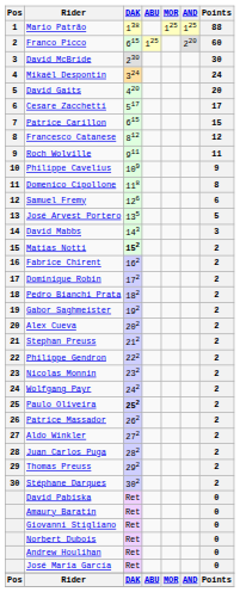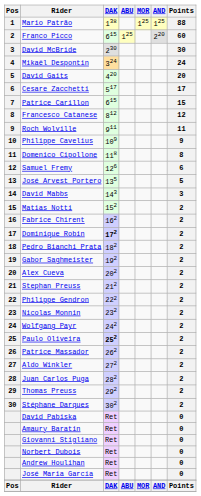 <table class="wikitable" style="font-size: 80%; text-align: center; display: inline-table;">
 <tr valign="top">
 <th valign="middle">Pos</th>
 <th valign="middle">Rider</th>
 <th><a href='#'>DAK</a><br></th>
 <th><a href='#'>ABU</a><br></th>
 <th><a href='#'>MOR</a><br></th>
 <th><a href='#'>AND</a><br></th>
 <th valign="middle">Points</th>
 </tr>
 <tr>
 <th>1</th>
 <td align=left> <a href='#'>Mario Patrão</a></td>
 <td style="background:#ffffbf;">1<sup>38</sup></td>
 <td></td>
 <td style="background:#ffffbf;">1<sup>25</sup></td>
 <td style="background:#ffffbf;">1<sup>25</sup></td>
 <th>88</th>
 </tr>
 <tr>
 <th>2</th>
 <td align=left> <a href='#'>Franco Picco</a></td>
 <td style="background:#dfffdf;">6<sup>15</sup></td>
 <td style="background:#ffffbf;">1<sup>25</sup></td>
 <td></td>
 <td style="background:#dfdfdf;">2<sup>20</sup></td>
 <th>60</th>
 </tr>
 <tr>
 <th>3</th>
 <td align=left> <a href='#'>David McBride</a></td>
 <td style="background:#dfdfdf;">2<sup>30</sup></td>
 <td></td>
 <td></td>
 <td></td>
 <th>30</th>
 </tr>
 <tr>
 <th>4</th>
 <td align=left> <a href='#'>Mikaël Despontin</a></td>
 <td style="background:#ffdf9f;">3<sup>24</sup></td>
 <td></td>
 <td></td>
 <td></td>
 <th>24</th>
 </tr>
 <tr>
 <th>5</th>
 <td align=left> <a href='#'>David Gaits</a></td>
 <td style="background:#dfffdf;">4<sup>20</sup></td>
 <td></td>
 <td></td>
 <td></td>
 <th>20</th>
 </tr>
 <tr>
 <th>6</th>
 <td align=left> <a href='#'>Cesare Zacchetti</a></td>
 <td style="background:#dfffdf;">5<sup>17</sup></td>
 <td></td>
 <td></td>
 <td></td>
 <th>17</th>
 </tr>
 <tr>
 <th>7</th>
 <td align=left> <a href='#'>Patrice Carillon</a></td>
 <td style="background:#dfffdf;">6<sup>15</sup></td>
 <td></td>
 <td></td>
 <td></td>
 <th>15</th>
 </tr>
 <tr>
 <th>8</th>
 <td align=left> <a href='#'>Francesco Catanese</a></td>
 <td style="background:#dfffdf;">8<sup>12</sup></td>
 <td></td>
 <td></td>
 <td></td>
 <th>12</th>
 </tr>
 <tr>
 <th>9</th>
 <td align=left> <a href='#'>Roch Wolville</a></td>
 <td style="background:#dfffdf;">9<sup>11</sup></td>
 <td></td>
 <td></td>
 <td></td>
 <th>11</th>
 </tr>
 <tr>
 <th>10</th>
 <td align=left> <a href='#'>Philippe Cavelius</a></td>
 <td style="background:#dfffdf;">10<sup>9</sup></td>
 <td></td>
 <td></td>
 <td></td>
 <th>9</th>
 </tr>
 <tr>
 <th>11</th>
 <td align=left> <a href='#'>Domenico Cipollone</a></td>
 <td style="background:#dfffdf;">11<sup>8</sup></td>
 <td></td>
 <td></td>
 <td></td>
 <th>8</th>
 </tr>
 <tr>
 <th>12</th>
 <td align=left> <a href='#'>Samuel Fremy</a></td>
 <td style="background:#dfffdf;">12<sup>6</sup></td>
 <td></td>
 <td></td>
 <td></td>
 <th>6</th>
 </tr>
 <tr>
 <th>13</th>
 <td align=left> <a href='#'>José Arvest Portero</a></td>
 <td style="background:#dfffdf;">13<sup>5</sup></td>
 <td></td>
 <td></td>
 <td></td>
 <th>5</th>
 </tr>
 <tr>
 <th>14</th>
 <td align=left> <a href='#'>David Mabbs</a></td>
 <td style="background:#dfffdf;">14<sup>3</sup></td>
 <td></td>
 <td></td>
 <td></td>
 <th>3</th>
 </tr>
 <tr>
 <th>15</th>
 <td align=left> <a href='#'>Matias Notti</a></td>
-<td style="background:#dfffdf;"><strong>15<sup>2</sup></strong></td>
+<td style="background:#dfffdf;">15<sup>2</sup></td>
 <td></td>
 <td></td>
 <td></td>
 <th>2</th>
 </tr>
 <tr>
 <th>16</th>
 <td align=left> <a href='#'>Fabrice Chirent</a></td>
 <td style="background:#cfcfff;">16<sup>2</sup></td>
 <td></td>
 <td></td>
 <td></td>
 <th>2</th>
 </tr>
 <tr>
 <th>17</th>
 <td align=left> <a href='#'>Dominique Robin</a></td>
-<td style="background:#cfcfff;">17<sup>2</sup></td>
+<td style="background:#cfcfff;"><strong>17<sup>2</sup></strong></td>
 <td></td>
 <td></td>
 <td></td>
 <th>2</th>
 </tr>
 <tr>
 <th>18</th>
 <td align=left> <a href='#'>Pedro Bianchi Prata</a></td>
 <td style="background:#cfcfff;">18<sup>2</sup></td>
 <td></td>
 <td></td>
 <td></td>
 <th>2</th>
 </tr>
 <tr>
 <th>19</th>
 <td align=left> <a href='#'>Gabor Saghmeister</a></td>
 <td style="background:#cfcfff;">19<sup>2</sup></td>
 <td></td>
 <td></td>
 <td></td>
 <th>2</th>
 </tr>
 <tr>
 <th>20</th>
 <td align=left> <a href='#'>Alex Cueva</a></td>
 <td style="background:#cfcfff;">20<sup>2</sup></td>
 <td></td>
 <td></td>
 <td></td>
 <th>2</th>
 </tr>
 <tr>
 <th>21</th>
 <td align=left> <a href='#'>Stephan Preuss</a></td>
 <td style="background:#cfcfff;">21<sup>2</sup></td>
 <td></td>
 <td></td>
 <td></td>
 <th>2</th>
 </tr>
 <tr>
 <th>22</th>
 <td align=left> <a href='#'>Philippe Gendron</a></td>
 <td style="background:#cfcfff;">22<sup>2</sup></td>
 <td></td>
 <td></td>
 <td></td>
 <th>2</th>
 </tr>
 <tr>
 <th>23</th>
 <td align=left> <a href='#'>Nicolas Monnin</a></td>
 <td style="background:#cfcfff;">23<sup>2</sup></td>
 <td></td>
 <td></td>
 <td></td>
 <th>2</th>
 </tr>
 <tr>
 <th>24</th>
 <td align=left> <a href='#'>Wolfgang Payr</a></td>
 <td style="background:#cfcfff;">24<sup>2</sup></td>
 <td></td>
 <td></td>
 <td></td>
 <th>2</th>
 </tr>
 <tr>
 <th>25</th>
 <td align=left> <a href='#'>Paulo Oliveira</a></td>
 <td style="background:#cfcfff;"><strong>25<sup>2</sup></strong></td>
 <td></td>
 <td></td>
 <td></td>
 <th>2</th>
 </tr>
 <tr>
 <th>26</th>
 <td align=left> <a href='#'>Patrice Massador</a></td>
 <td style="background:#cfcfff;">26<sup>2</sup></td>
 <td></td>
 <td></td>
 <td></td>
 <th>2</th>
 </tr>
 <tr>
 <th>27</th>
 <td align=left> <a href='#'>Aldo Winkler</a></td>
 <td style="background:#cfcfff;">27<sup>2</sup></td>
 <td></td>
 <td></td>
 <td></td>
 <th>2</th>
 </tr>
 <tr>
 <th>28</th>
 <td align=left> <a href='#'>Juan Carlos Puga</a></td>
 <td style="background:#cfcfff;">28<sup>2</sup></td>
 <td></td>
 <td></td>
 <td></td>
 <th>2</th>
 </tr>
 <tr>
 <th>29</th>
 <td align=left> <a href='#'>Thomas Preuss</a></td>
 <td style="background:#cfcfff;">29<sup>2</sup></td>
 <td></td>
 <td></td>
 <td></td>
 <th>2</th>
 </tr>
 <tr>
 <th>30</th>
 <td align=left> <a href='#'>Stéphane Darques</a></td>
 <td style="background:#cfcfff;">30<sup>2</sup></td>
 <td></td>
 <td></td>
 <td></td>
 <th>2</th>
 </tr>
 <tr>
 <th></th>
 <td align=left> <a href='#'>David Pabiska</a></td>
 <td style="background:#efcfff;">Ret</td>
 <td></td>
 <td></td>
 <td></td>
 <th>0</th>
 </tr>
 <tr>
 <th></th>
 <td align=left> <a href='#'>Amaury Baratin</a></td>
 <td style="background:#efcfff;">Ret</td>
 <td></td>
 <td></td>
 <td></td>
 <th>0</th>
 </tr>
 <tr>
 <th></th>
 <td align=left> <a href='#'>Giovanni Stigliano</a></td>
 <td style="background:#efcfff;">Ret</td>
 <td></td>
 <td></td>
 <td></td>
 <th>0</th>
 </tr>
 <tr>
 <th></th>
 <td align=left> <a href='#'>Norbert Dubois</a></td>
 <td style="background:#efcfff;">Ret</td>
 <td></td>
 <td></td>
 <td></td>
 <th>0</th>
 </tr>
 <tr>
 <th></th>
 <td align=left> <a href='#'>Andrew Houlihan</a></td>
 <td style="background:#efcfff;">Ret</td>
 <td></td>
 <td></td>
 <td></td>
 <th>0</th>
 </tr>
 <tr>
 <th></th>
 <td align=left> <a href='#'>José Maria García</a></td>
 <td style="background:#efcfff;">Ret</td>
 <td></td>
 <td></td>
 <td></td>
 <th>0</th>
 </tr>
 <tr>
 </tr>
 <tr valign="top">
 <th valign="middle">Pos</th>
 <th valign="middle">Rider</th>
 <th><a href='#'>DAK</a><br></th>
 <th><a href='#'>ABU</a><br></th>
 <th><a href='#'>MOR</a><br></th>
 <th><a href='#'>AND</a><br></th>
 <th valign="middle">Points</th>
 </tr>
 <tr>
 </tr>
 </table>
